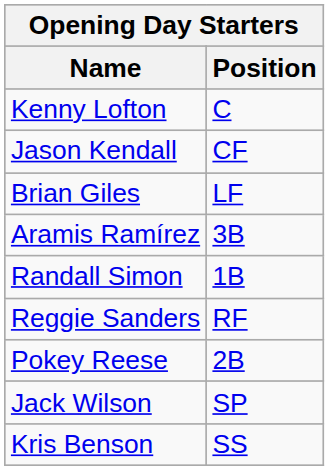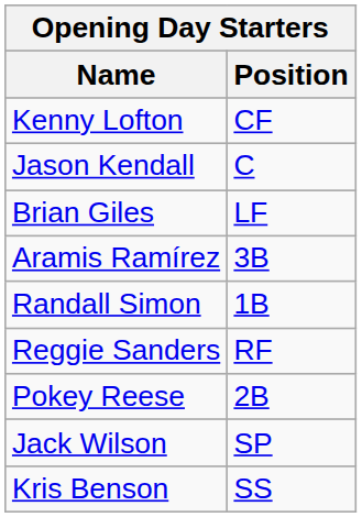 <table class="wikitable" style="text-align:left">
 <tr>
 <th colspan="2">Opening Day Starters</th>
 </tr>
 <tr>
 <th>Name</th>
 <th>Position</th>
 </tr>
 <tr>
 <td><a href='#'>Kenny Lofton</a></td>
-<td><a href='#'>C</a></td>
+<td><a href='#'>CF</a></td>
 </tr>
 <tr>
 <td><a href='#'>Jason Kendall</a></td>
-<td><a href='#'>CF</a></td>
+<td><a href='#'>C</a></td>
 </tr>
 <tr>
 <td><a href='#'>Brian Giles</a></td>
 <td><a href='#'>LF</a></td>
 </tr>
 <tr>
 <td><a href='#'>Aramis Ramírez</a></td>
 <td><a href='#'>3B</a></td>
 </tr>
 <tr>
 <td><a href='#'>Randall Simon</a></td>
 <td><a href='#'>1B</a></td>
 </tr>
 <tr>
 <td><a href='#'>Reggie Sanders</a></td>
 <td><a href='#'>RF</a></td>
 </tr>
 <tr>
 <td><a href='#'>Pokey Reese</a></td>
 <td><a href='#'>2B</a></td>
 </tr>
 <tr>
 <td><a href='#'>Jack Wilson</a></td>
 <td><a href='#'>SP</a></td>
 </tr>
 <tr>
 <td><a href='#'>Kris Benson</a></td>
 <td><a href='#'>SS</a></td>
 </tr>
 </table>
